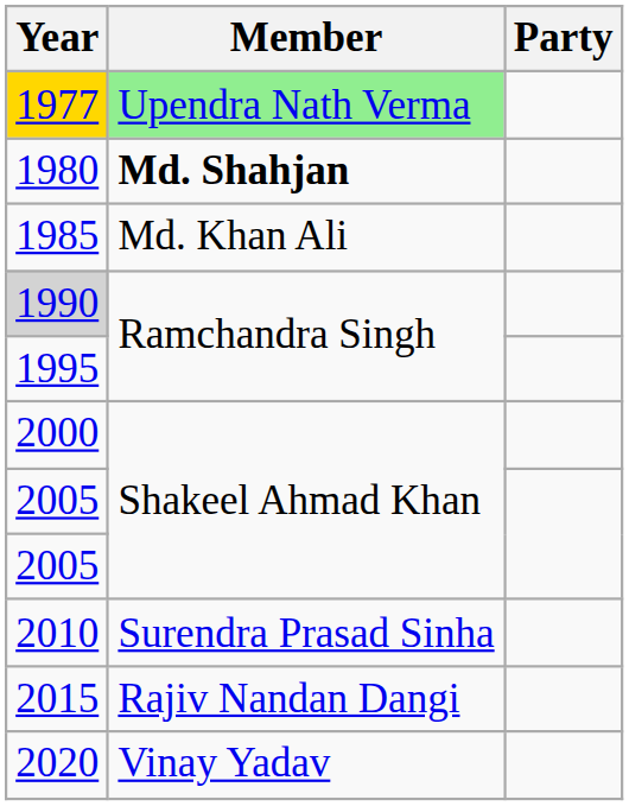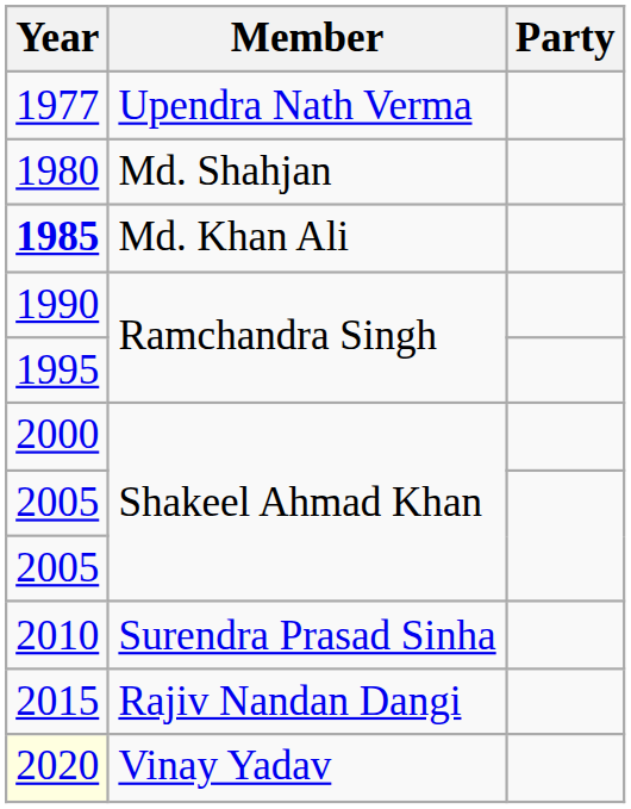 <table class="wikitable sortable">
 <tr>
 <th>Year</th>
 <th>Member</th>
 <th colspan="2">Party</th>
 </tr>
 <tr>
-<td style="background: gold;"><a href='#'>1977</a></td>
-<td style="background: lightgreen;"><a href='#'>Upendra Nath Verma</a></td>
+<td><a href='#'>1977</a></td>
+<td><a href='#'>Upendra Nath Verma</a></td>
 <td></td>
 </tr>
 <tr>
 <td><a href='#'>1980</a></td>
-<td><strong>Md. Shahjan</strong></td>
+<td>Md. Shahjan</td>
 <td></td>
 </tr>
 <tr>
-<td><a href='#'>1985</a></td>
+<td><strong><a href='#'>1985</a></strong></td>
 <td>Md. Khan Ali</td>
 <td></td>
 </tr>
 <tr>
-<td style="background: lightgrey;"><a href='#'>1990</a></td>
+<td><a href='#'>1990</a></td>
 <td rowspan=2>Ramchandra Singh</td>
 <td></td>
 </tr>
 <tr>
 <td><a href='#'>1995</a></td>
 </tr>
 <tr>
 <td><a href='#'>2000</a></td>
 <td rowspan=3>Shakeel Ahmad Khan</td>
 <td></td>
 </tr>
 <tr>
 <td><a href='#'>2005</a></td>
 </tr>
 <tr>
 <td><a href='#'>2005</a></td>
 </tr>
 <tr>
 <td><a href='#'>2010</a></td>
 <td><a href='#'>Surendra Prasad Sinha</a></td>
 <td></td>
 </tr>
 <tr>
 <td><a href='#'>2015</a></td>
 <td><a href='#'>Rajiv Nandan Dangi</a></td>
 </tr>
 <tr>
-<td><a href='#'>2020</a></td>
+<td style="background: lightyellow;"><a href='#'>2020</a></td>
 <td><a href='#'>Vinay Yadav</a></td>
 <td></td>
 </tr>
 </table>
